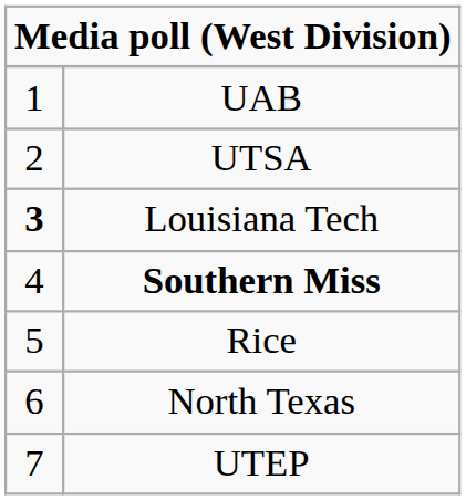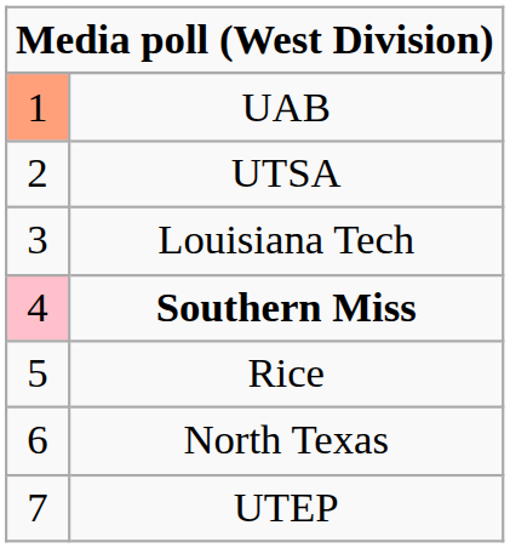 <table class="wikitable" style="display: inline-table;">
 <tr>
 <td align="center" Colspan="3"><strong>Media poll (West Division)</strong></td>
 </tr>
 <tr align="center">
 </tr>
 <tr align="center">
-<td>1</td>
+<td style="background: lightsalmon;">1</td>
 <td>UAB</td>
 </tr>
 <tr align="center">
 <td>2</td>
 <td>UTSA</td>
 </tr>
 <tr align="center">
-<td><strong>3</strong></td>
+<td>3</td>
 <td>Louisiana Tech</td>
 </tr>
 <tr align="center">
-<td>4</td>
+<td style="background: pink;">4</td>
 <td><strong>Southern Miss</strong></td>
 </tr>
 <tr align="center">
 <td>5</td>
 <td>Rice</td>
 </tr>
 <tr align="center">
 <td>6</td>
 <td>North Texas</td>
 </tr>
 <tr align="center">
 <td>7</td>
 <td>UTEP</td>
 </tr>
 </table>
